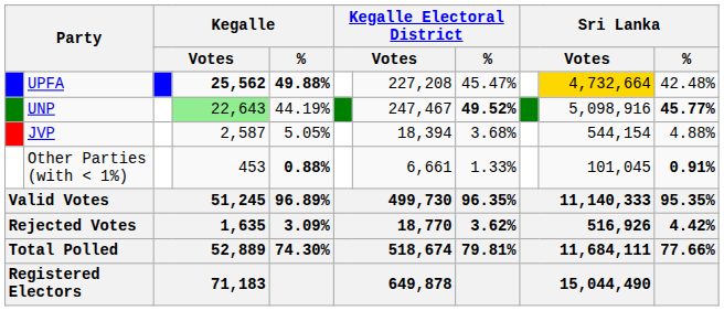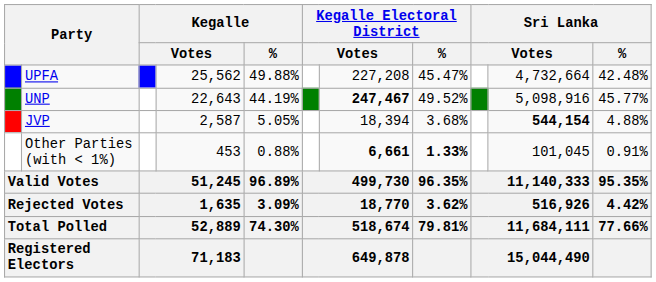 <table class="wikitable">
 <tr>
 <th colspan="2" width="144px"rowspan="2">Party</th>
 <th colspan="3" width="216px">Kegalle</th>
 <th colspan="3" width="216px"><a href='#'>Kegalle Electoral District</a></th>
 <th colspan="3" width="216px">Sri Lanka</th>
 </tr>
 <tr>
 <th colspan="2" width="144px">Votes</th>
 <th>%</th>
 <th colspan="2" width="144px">Votes</th>
 <th>%</th>
 <th colspan="2" width="144px">Votes</th>
 <th>%</th>
 </tr>
 <tr>
 <td style="background-color:blue;" width="10px"></td>
 <td style="text-align:left;"><a href='#'>UPFA</a></td>
 <td style="background-color:blue;" width="10px"></td>
-<td style="text-align:right;"><strong>25,562</strong></td>
-<td style="text-align:right;"><strong>49.88%</strong></td>
+<td style="text-align:right;">25,562</td>
+<td style="text-align:right;">49.88%</td>
 <td style="background-color:white;" width="10px"></td>
 <td style="text-align:right;">227,208</td>
 <td style="text-align:right;">45.47%</td>
 <td style="background-color:white;" width="10px"></td>
-<td style="background: gold; text-align:right;">4,732,664</td>
+<td style="text-align:right;">4,732,664</td>
 <td style="text-align:right;">42.48%</td>
 </tr>
 <tr>
 <td style="background-color:green;" width="10px"></td>
 <td style="text-align:left;"><a href='#'>UNP</a></td>
 <td style="background-color:white;" width="10px"></td>
-<td style="background: lightgreen; text-align:right;">22,643</td>
+<td style="text-align:right;">22,643</td>
 <td style="text-align:right;">44.19%</td>
 <td style="background-color:green;" width="10px"></td>
-<td style="text-align:right;">247,467</td>
-<td style="text-align:right;"><strong>49.52%</strong></td>
+<td style="text-align:right;"><strong>247,467</strong></td>
+<td style="text-align:right;">49.52%</td>
 <td style="background-color:green;" width="10px"></td>
 <td style="text-align:right;">5,098,916</td>
-<td style="text-align:right;"><strong>45.77%</strong></td>
+<td style="text-align:right;">45.77%</td>
 </tr>
 <tr>
 <td style="background-color:red;" width="10px"></td>
 <td style="text-align:left;"><a href='#'>JVP</a></td>
 <td style="background-color:white;" width="10px"></td>
 <td style="text-align:right;">2,587</td>
 <td style="text-align:right;">5.05%</td>
 <td style="background-color:white;" width="10px"></td>
 <td style="text-align:right;">18,394</td>
 <td style="text-align:right;">3.68%</td>
 <td style="background-color:white;" width="10px"></td>
-<td style="text-align:right;">544,154</td>
+<td style="text-align:right;"><strong>544,154</strong></td>
 <td style="text-align:right;">4.88%</td>
 </tr>
 <tr>
 <td style="background-color:white;" width="10px"></td>
 <td style="text-align:left;">Other Parties (with < 1%)</td>
 <td style="background-color:white;" width="10px"></td>
 <td style="text-align:right;">453</td>
-<td style="text-align:right;"><strong>0.88%</strong></td>
+<td style="text-align:right;">0.88%</td>
 <td style="background-color:white;" width="10px"></td>
-<td style="text-align:right;">6,661</td>
-<td style="text-align:right;">1.33%</td>
+<td style="text-align:right;"><strong>6,661</strong></td>
+<td style="text-align:right;"><strong>1.33%</strong></td>
 <td style="background-color:white;" width="10px"></td>
 <td style="text-align:right;">101,045</td>
-<td style="text-align:right;"><strong>0.91%</strong></td>
+<td style="text-align:right;">0.91%</td>
 </tr>
 <tr>
 <th colspan="2" width="144px"style="text-align:left;">Valid Votes</th>
 <th style="text-align:right;"colspan="2" width="144px">51,245</th>
 <th style="text-align:right;">96.89%</th>
 <th style="text-align:right;"colspan="2" width="144px">499,730</th>
 <th style="text-align:right;">96.35%</th>
 <th style="text-align:right;"colspan="2" width="144px">11,140,333</th>
 <th style="text-align:right;">95.35%</th>
 </tr>
 <tr>
 <th colspan="2" width="144px"style="text-align:left;">Rejected Votes</th>
 <th style="text-align:right;"colspan="2" width="144px">1,635</th>
 <th style="text-align:right;">3.09%</th>
 <th style="text-align:right;"colspan="2" width="144px">18,770</th>
 <th style="text-align:right;">3.62%</th>
 <th style="text-align:right;"colspan="2" width="144px">516,926</th>
 <th style="text-align:right;">4.42%</th>
 </tr>
 <tr>
 <th colspan="2" width="144px"style="text-align:left;">Total Polled</th>
 <th style="text-align:right;"colspan="2" width="144px">52,889</th>
 <th style="text-align:right;">74.30%</th>
 <th style="text-align:right;"colspan="2" width="144px">518,674</th>
 <th style="text-align:right;">79.81%</th>
 <th style="text-align:right;"colspan="2" width="144px">11,684,111</th>
 <th style="text-align:right;">77.66%</th>
 </tr>
 <tr>
 <th colspan="2" width="144px"style="text-align:left;">Registered Electors</th>
 <th style="text-align:right;"colspan="2" width="144px">71,183</th>
 <th></th>
 <th style="text-align:right;"colspan="2" width="144px">649,878</th>
 <th></th>
 <th style="text-align:right;"colspan="2" width="144px">15,044,490</th>
 <th></th>
 </tr>
 </table>
